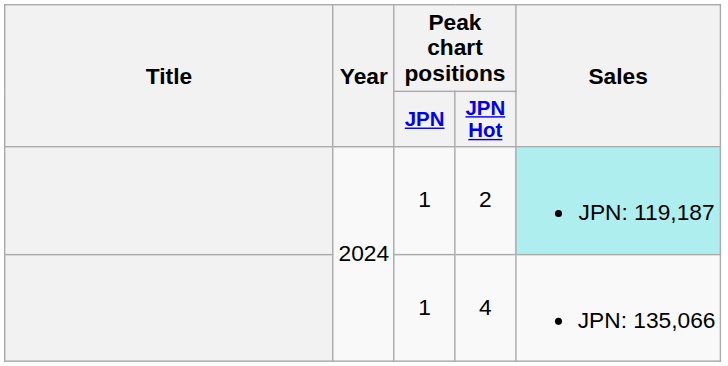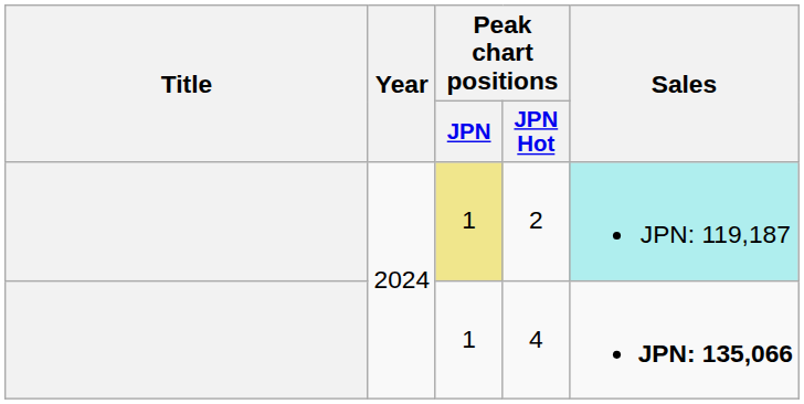 <table class="wikitable plainrowheaders" style="text-align:center;">
 <tr>
 <th scope="col" rowspan="2" style="width:14em;">Title</th>
 <th scope="col" rowspan="2" style="width:2em;">Year</th>
 <th scope="col" colspan="2">Peak chart positions</th>
 <th rowspan="2">Sales</th>
 </tr>
 <tr>
 <th scope="col" style="width:2.5em;font-size:90%;"><a href='#'>JPN</a><br></th>
 <th scope="col" style="width:2.5em;font-size:90%;"><a href='#'>JPN Hot</a><br></th>
 </tr>
 <tr>
 <th scope="row"></th>
 <td rowspan="2">2024</td>
-<td>1</td>
+<td style="background: khaki;">1</td>
 <td>2</td>
 <td style="background: paleturquoise;"><br><ul><li>JPN: 119,187</li></ul></td>
 </tr>
 <tr>
 <th scope="row"></th>
 <td>1</td>
 <td>4</td>
-<td><br><ul><li>JPN: 135,066</li></ul></td>
+<td><strong><br><ul><li>JPN: 135,066</li></ul></strong></td>
 </tr>
 </table>
